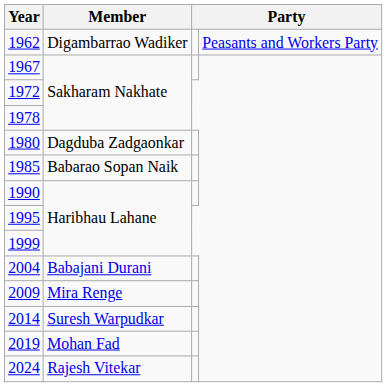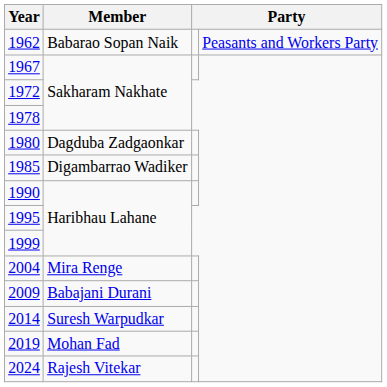 <table class="wikitable">
 <tr>
 <th>Year</th>
 <th>Member</th>
 <th colspan="2">Party</th>
 </tr>
 <tr>
 <td><a href='#'>1962</a></td>
-<td>Digambarrao Wadiker</td>
+<td>Babarao Sopan Naik</td>
 <td style="background-color: "></td>
 <td><a href='#'>Peasants and Workers Party</a></td>
 </tr>
 <tr>
 <td><a href='#'>1967</a></td>
 <td rowspan="3">Sakharam Nakhate</td>
 <td></td>
 </tr>
 <tr>
 <td><a href='#'>1972</a></td>
 </tr>
 <tr>
 <td><a href='#'>1978</a></td>
 </tr>
 <tr>
 <td><a href='#'>1980</a></td>
 <td>Dagduba Zadgaonkar</td>
 <td></td>
 </tr>
 <tr>
 <td><a href='#'>1985</a></td>
-<td>Babarao Sopan Naik</td>
+<td>Digambarrao Wadiker</td>
 <td></td>
 </tr>
 <tr>
 <td><a href='#'>1990</a></td>
 <td rowspan="3">Haribhau Lahane</td>
 <td></td>
 </tr>
 <tr>
 <td><a href='#'>1995</a></td>
 </tr>
 <tr>
 <td><a href='#'>1999</a></td>
 </tr>
 <tr>
 <td><a href='#'>2004</a></td>
-<td><a href='#'>Babajani Durani</a></td>
+<td><a href='#'>Mira Renge</a></td>
 <td></td>
 </tr>
 <tr>
 <td><a href='#'>2009</a></td>
-<td><a href='#'>Mira Renge</a></td>
+<td><a href='#'>Babajani Durani</a></td>
 <td></td>
 </tr>
 <tr>
 <td><a href='#'>2014</a></td>
 <td><a href='#'>Suresh Warpudkar</a></td>
 <td></td>
 </tr>
 <tr>
 <td><a href='#'>2019</a></td>
 <td><a href='#'>Mohan Fad</a></td>
 <td></td>
 </tr>
 <tr>
 <td><a href='#'>2024</a></td>
 <td><a href='#'>Rajesh Vitekar</a></td>
 <td></td>
 </tr>
 </table>
